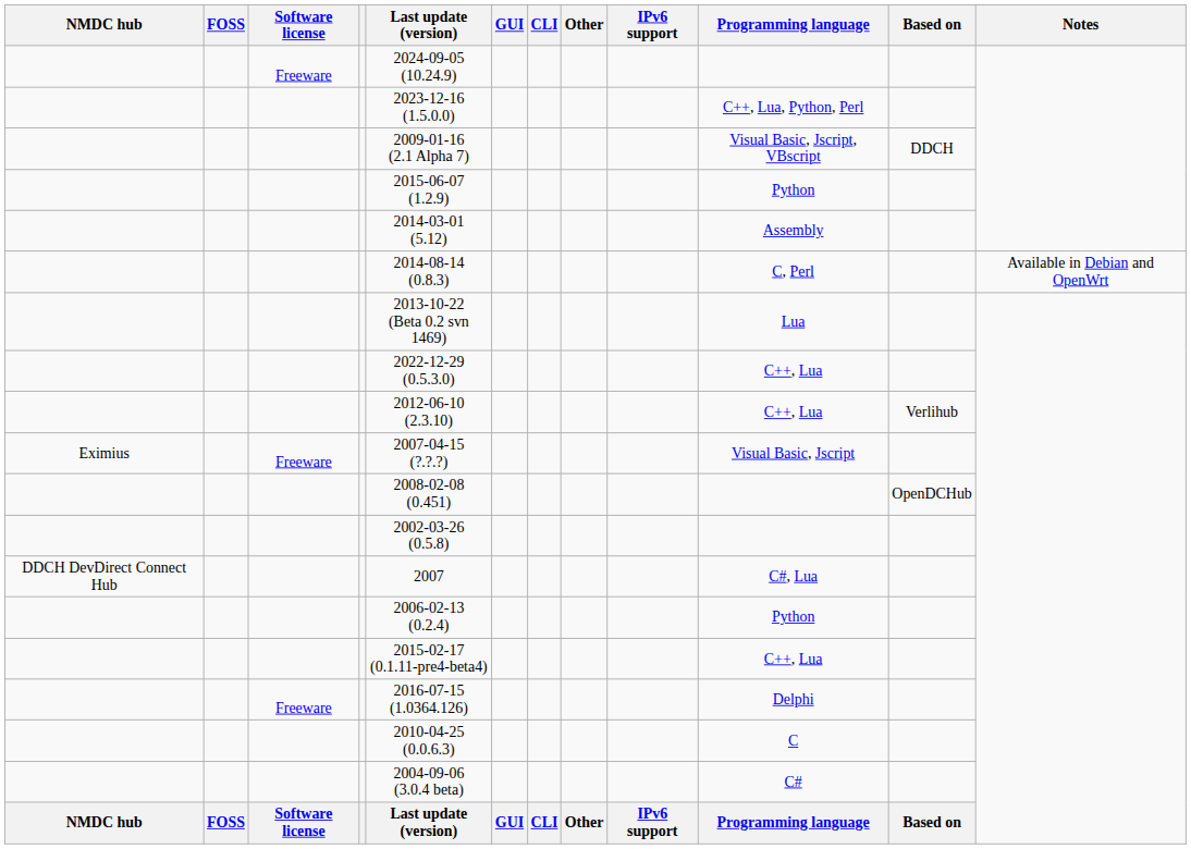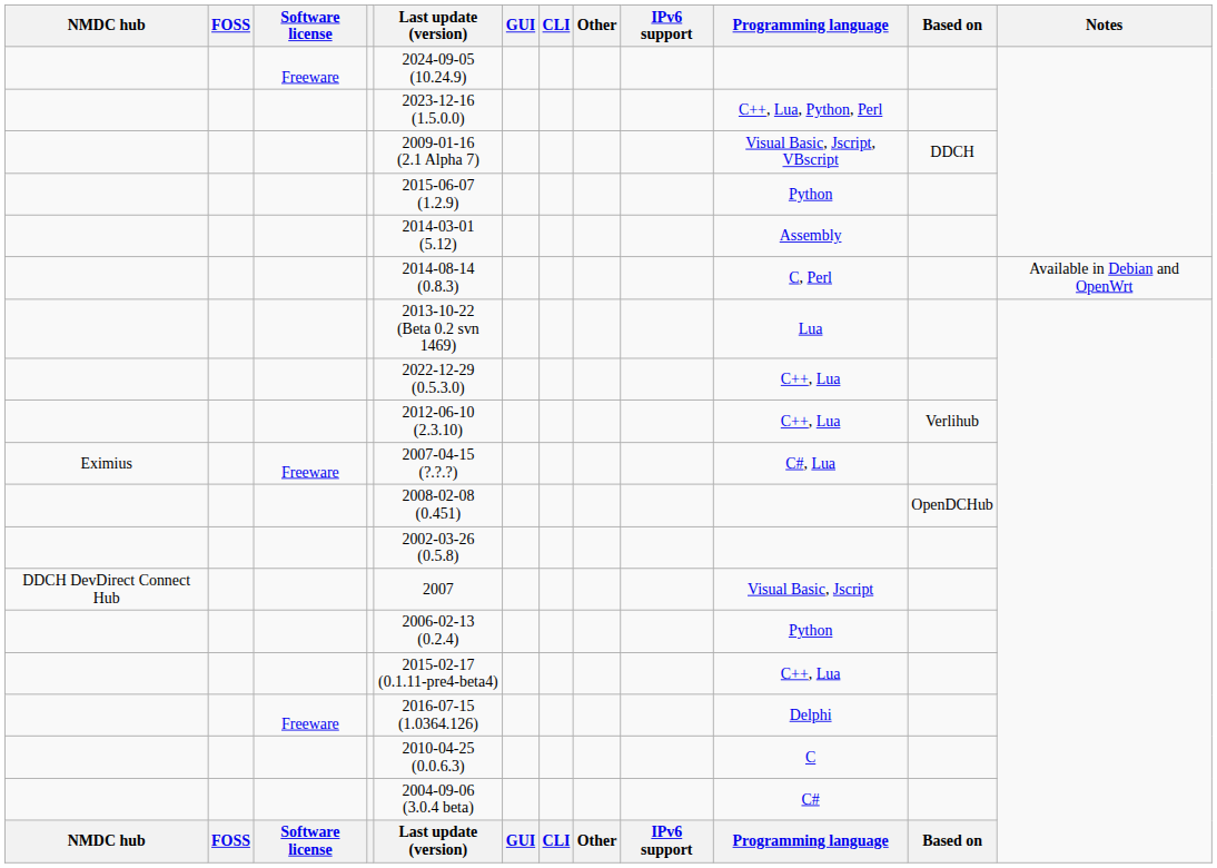 <table style="text-align: center;" class="wikitable sortable sort-under">
 <tr>
 <th>NMDC hub</th>
 <th><a href='#'>FOSS</a></th>
 <th><a href='#'>Software license</a></th>
 <th><br></th>
 <th>Last update<br>(version)</th>
 <th><a href='#'>GUI</a></th>
 <th><a href='#'>CLI</a></th>
 <th>Other</th>
 <th><a href='#'>IPv6</a> support</th>
 <th><a href='#'>Programming language</a></th>
 <th>Based on</th>
 <th>Notes</th>
 </tr>
 <tr>
 <td></td>
 <td></td>
 <td><br><a href='#'>Freeware</a></td>
 <td></td>
 <td>2024-09-05<br>(10.24.9)</td>
 <td></td>
 <td></td>
 <td></td>
 <td></td>
 <td></td>
 <td></td>
 </tr>
 <tr>
 <td></td>
 <td></td>
 <td></td>
 <td></td>
 <td>2023-12-16<br>(1.5.0.0)</td>
 <td></td>
 <td></td>
 <td></td>
 <td></td>
 <td><a href='#'>C++</a>, <a href='#'>Lua</a>, <a href='#'>Python</a>, <a href='#'>Perl</a></td>
 <td></td>
 </tr>
 <tr>
 <td></td>
 <td></td>
 <td></td>
 <td></td>
 <td>2009-01-16<br>(2.1 Alpha 7)</td>
 <td></td>
 <td></td>
 <td></td>
 <td></td>
 <td><a href='#'>Visual Basic</a>, <a href='#'>Jscript</a>, <a href='#'>VBscript</a></td>
 <td>DDCH</td>
 </tr>
 <tr>
 <td></td>
 <td></td>
 <td></td>
 <td></td>
 <td>2015-06-07<br>(1.2.9)</td>
 <td></td>
 <td></td>
 <td></td>
 <td></td>
 <td><a href='#'>Python</a></td>
 <td></td>
 </tr>
 <tr>
 <td></td>
 <td></td>
 <td></td>
 <td></td>
 <td>2014-03-01<br>(5.12)</td>
 <td></td>
 <td></td>
 <td></td>
 <td></td>
 <td><a href='#'>Assembly</a></td>
 <td></td>
 </tr>
 <tr>
 <td></td>
 <td></td>
 <td></td>
 <td></td>
 <td>2014-08-14<br>(0.8.3)</td>
 <td></td>
 <td></td>
 <td></td>
 <td></td>
 <td><a href='#'>C</a>, <a href='#'>Perl</a></td>
 <td></td>
 <td>Available in <a href='#'>Debian</a> and <a href='#'>OpenWrt</a></td>
 </tr>
 <tr>
 <td></td>
 <td></td>
 <td></td>
 <td></td>
 <td>2013-10-22<br>(Beta 0.2 svn 1469)</td>
 <td></td>
 <td></td>
 <td></td>
 <td></td>
 <td><a href='#'>Lua</a></td>
 <td></td>
 </tr>
 <tr>
 <td></td>
 <td></td>
 <td></td>
 <td></td>
 <td>2022-12-29<br>(0.5.3.0)</td>
 <td></td>
 <td></td>
 <td></td>
 <td></td>
 <td><a href='#'>C++</a>, <a href='#'>Lua</a></td>
 <td></td>
 </tr>
 <tr>
 <td></td>
 <td></td>
 <td></td>
 <td></td>
 <td>2012-06-10<br>(2.3.10)</td>
 <td></td>
 <td></td>
 <td></td>
 <td></td>
 <td><a href='#'>C++</a>, <a href='#'>Lua</a></td>
 <td>Verlihub</td>
 </tr>
 <tr>
 <td>Eximius</td>
 <td></td>
 <td><br><a href='#'>Freeware</a></td>
 <td></td>
 <td>2007-04-15<br>(?.?.?)</td>
 <td></td>
 <td></td>
 <td></td>
 <td></td>
-<td><a href='#'>Visual Basic</a>, <a href='#'>Jscript</a></td>
+<td><a href='#'>C#</a>, <a href='#'>Lua</a></td>
 <td></td>
 </tr>
 <tr>
 <td></td>
 <td></td>
 <td></td>
 <td></td>
 <td>2008-02-08<br>(0.451)</td>
 <td></td>
 <td></td>
 <td></td>
 <td></td>
 <td></td>
 <td>OpenDCHub</td>
 </tr>
 <tr>
 <td></td>
 <td></td>
 <td></td>
 <td></td>
 <td>2002-03-26<br>(0.5.8)</td>
 <td></td>
 <td></td>
 <td></td>
 <td></td>
 <td></td>
 <td></td>
 </tr>
 <tr>
 <td>DDCH DevDirect Connect Hub</td>
 <td></td>
 <td></td>
 <td></td>
 <td>2007</td>
 <td></td>
 <td></td>
 <td></td>
 <td></td>
-<td><a href='#'>C#</a>, <a href='#'>Lua</a></td>
+<td><a href='#'>Visual Basic</a>, <a href='#'>Jscript</a></td>
 <td></td>
 </tr>
 <tr>
 <td></td>
 <td></td>
 <td></td>
 <td></td>
 <td>2006-02-13<br>(0.2.4)</td>
 <td></td>
 <td></td>
 <td></td>
 <td></td>
 <td><a href='#'>Python</a></td>
 <td></td>
 </tr>
 <tr>
 <td></td>
 <td></td>
 <td></td>
 <td></td>
 <td>2015-02-17<br>(0.1.11-pre4-beta4)</td>
 <td></td>
 <td></td>
 <td></td>
 <td></td>
 <td><a href='#'>C++</a>, <a href='#'>Lua</a></td>
 <td></td>
 </tr>
 <tr>
 <td></td>
 <td></td>
 <td><br><a href='#'>Freeware</a></td>
 <td></td>
 <td>2016-07-15<br>(1.0364.126)</td>
 <td></td>
 <td></td>
 <td></td>
 <td></td>
 <td><a href='#'>Delphi</a></td>
 <td></td>
 </tr>
 <tr>
 <td></td>
 <td></td>
 <td></td>
 <td></td>
 <td>2010-04-25<br>(0.0.6.3)</td>
 <td></td>
 <td></td>
 <td></td>
 <td></td>
 <td><a href='#'>C</a></td>
 <td></td>
 </tr>
 <tr>
 <td></td>
 <td></td>
 <td></td>
 <td></td>
 <td>2004-09-06<br>(3.0.4 beta)</td>
 <td></td>
 <td></td>
 <td></td>
 <td></td>
 <td><a href='#'>C#</a></td>
 <td></td>
 </tr>
 <tr class="sortbottom">
 <th>NMDC hub</th>
 <th><a href='#'>FOSS</a></th>
 <th><a href='#'>Software license</a></th>
 <th><br></th>
 <th>Last update<br>(version)</th>
 <th><a href='#'>GUI</a></th>
 <th><a href='#'>CLI</a></th>
 <th>Other</th>
 <th><a href='#'>IPv6</a> support</th>
 <th><a href='#'>Programming language</a></th>
 <th>Based on</th>
 </tr>
 </table>
